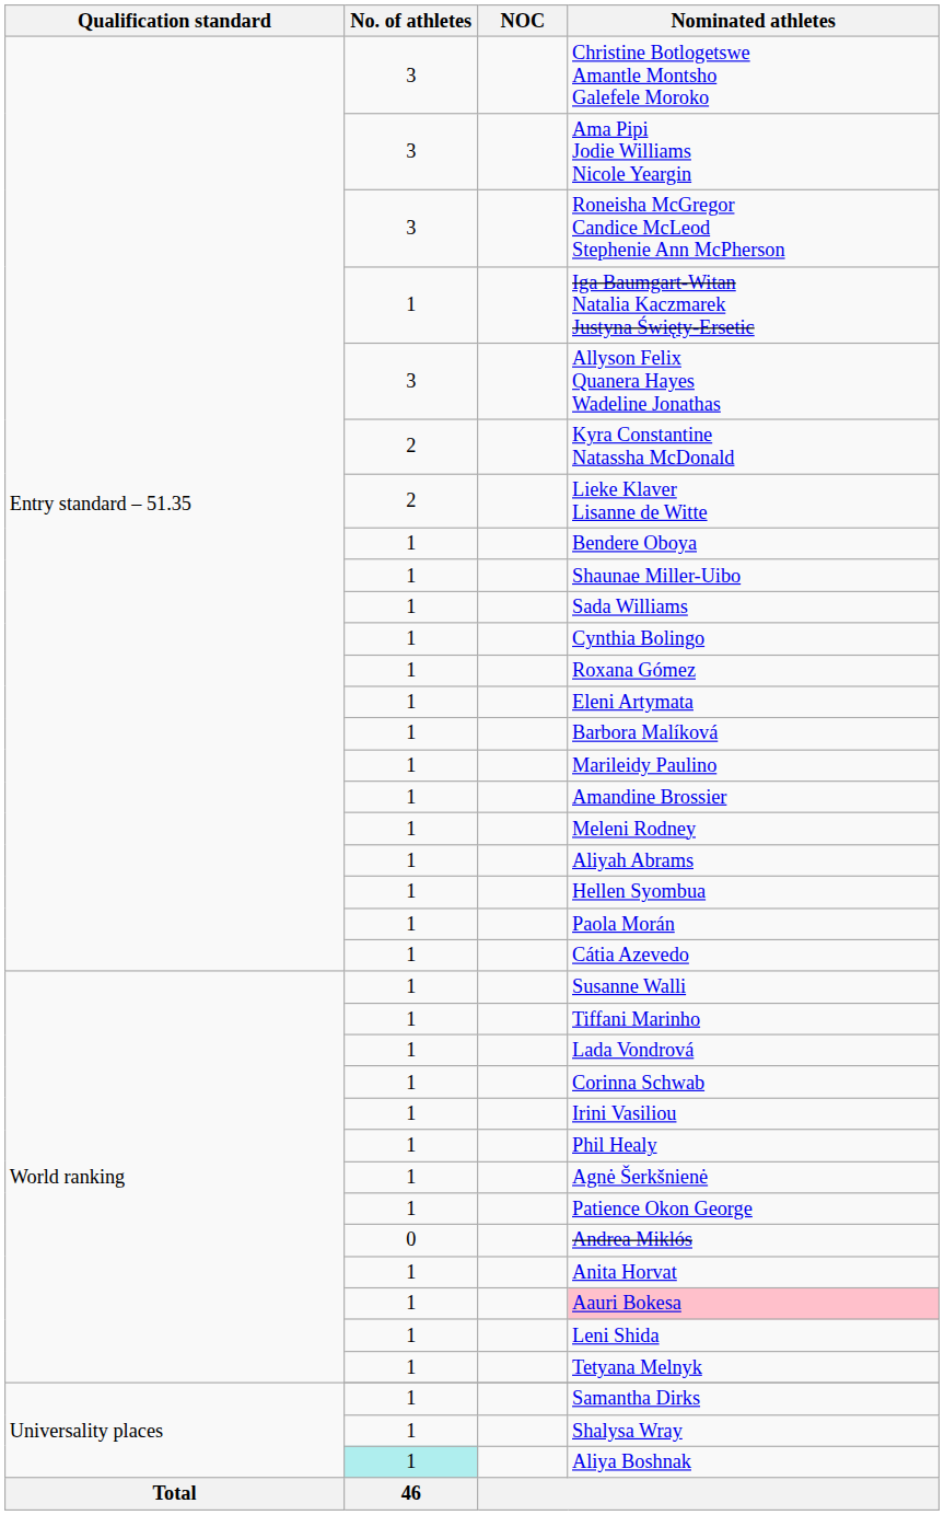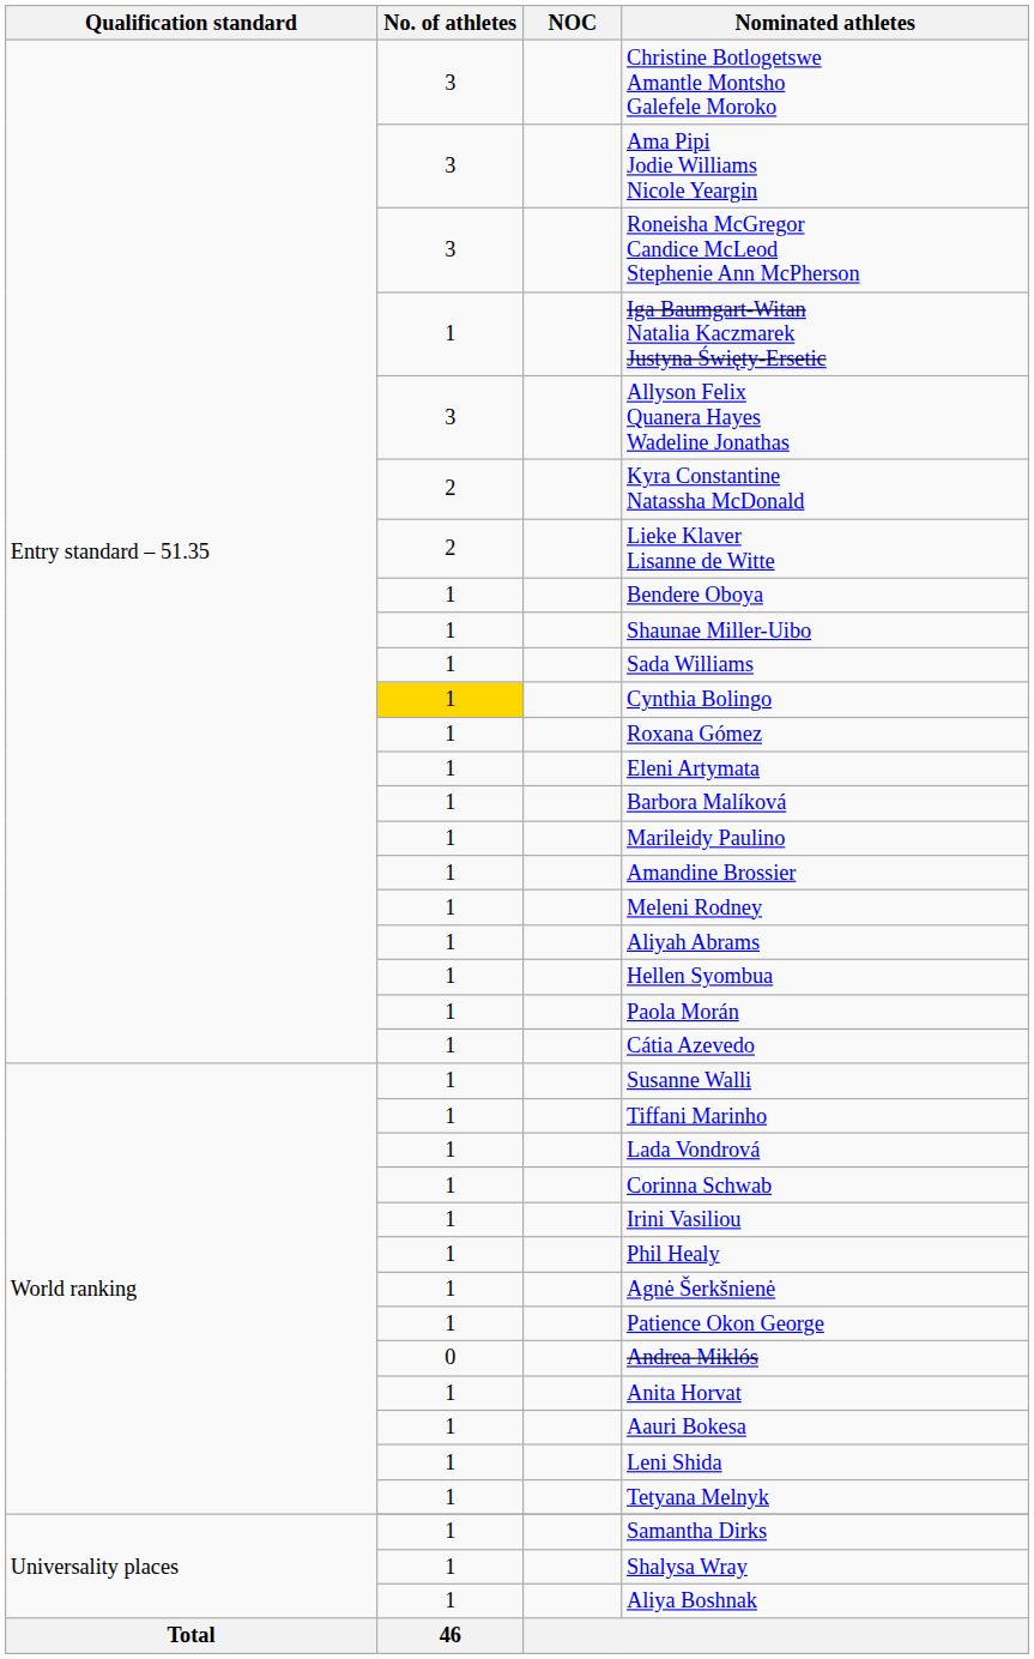 <table class="wikitable" style="text-align:left; width:750px;">
 <tr>
 <th>Qualification standard</th>
 <th width=100>No. of athletes</th>
 <th>NOC</th>
 <th>Nominated athletes</th>
 </tr>
 <tr>
 <td rowspan=21>Entry standard – 51.35</td>
 <td align=center>3</td>
 <td></td>
 <td><a href='#'>Christine Botlogetswe</a><br><a href='#'>Amantle Montsho</a><br><a href='#'>Galefele Moroko</a></td>
 </tr>
 <tr>
 <td align=center>3</td>
 <td></td>
 <td><a href='#'>Ama Pipi</a><br><a href='#'>Jodie Williams</a><br><a href='#'>Nicole Yeargin</a></td>
 </tr>
 <tr>
 <td align=center>3</td>
 <td></td>
 <td><a href='#'>Roneisha McGregor</a><br><a href='#'>Candice McLeod</a><br><a href='#'>Stephenie Ann McPherson</a></td>
 </tr>
 <tr>
 <td align=center>1</td>
 <td></td>
 <td><s><a href='#'>Iga Baumgart-Witan</a></s><br><a href='#'>Natalia Kaczmarek</a><br><s><a href='#'>Justyna Święty-Ersetic</a></s></td>
 </tr>
 <tr>
 <td align=center>3</td>
 <td></td>
 <td><a href='#'>Allyson Felix</a><br><a href='#'>Quanera Hayes</a><br><a href='#'>Wadeline Jonathas</a></td>
 </tr>
 <tr>
 <td align=center>2</td>
 <td></td>
 <td><a href='#'>Kyra Constantine</a><br><a href='#'>Natassha McDonald</a></td>
 </tr>
 <tr>
 <td align=center>2</td>
 <td></td>
 <td><a href='#'>Lieke Klaver</a><br><a href='#'>Lisanne de Witte</a></td>
 </tr>
 <tr>
 <td align=center>1</td>
 <td></td>
 <td><a href='#'>Bendere Oboya</a></td>
 </tr>
 <tr>
 <td align=center>1</td>
 <td></td>
 <td><a href='#'>Shaunae Miller-Uibo</a></td>
 </tr>
 <tr>
 <td align=center>1</td>
 <td></td>
 <td><a href='#'>Sada Williams</a></td>
 </tr>
 <tr>
-<td align=center>1</td>
+<td align=center style="background: gold;">1</td>
 <td></td>
 <td><a href='#'>Cynthia Bolingo</a></td>
 </tr>
 <tr>
 <td align=center>1</td>
 <td></td>
 <td><a href='#'>Roxana Gómez</a></td>
 </tr>
 <tr>
 <td align=center>1</td>
 <td></td>
 <td><a href='#'>Eleni Artymata</a></td>
 </tr>
 <tr>
 <td align=center>1</td>
 <td></td>
 <td><a href='#'>Barbora Malíková</a></td>
 </tr>
 <tr>
 <td align=center>1</td>
 <td></td>
 <td><a href='#'>Marileidy Paulino</a></td>
 </tr>
 <tr>
 <td align=center>1</td>
 <td></td>
 <td><a href='#'>Amandine Brossier</a></td>
 </tr>
 <tr>
 <td align=center>1</td>
 <td></td>
 <td><a href='#'>Meleni Rodney</a></td>
 </tr>
 <tr>
 <td align=center>1</td>
 <td></td>
 <td><a href='#'>Aliyah Abrams</a></td>
 </tr>
 <tr>
 <td align=center>1</td>
 <td></td>
 <td><a href='#'>Hellen Syombua</a></td>
 </tr>
 <tr>
 <td align=center>1</td>
 <td></td>
 <td><a href='#'>Paola Morán</a></td>
 </tr>
 <tr>
 <td align=center>1</td>
 <td></td>
 <td><a href='#'>Cátia Azevedo</a></td>
 </tr>
 <tr>
 <td rowspan=13>World ranking</td>
 <td align=center>1</td>
 <td></td>
 <td><a href='#'>Susanne Walli</a></td>
 </tr>
 <tr>
 <td align=center>1</td>
 <td></td>
 <td><a href='#'>Tiffani Marinho</a></td>
 </tr>
 <tr>
 <td align=center>1</td>
 <td></td>
 <td><a href='#'>Lada Vondrová</a></td>
 </tr>
 <tr>
 <td align=center>1</td>
 <td></td>
 <td><a href='#'>Corinna Schwab</a></td>
 </tr>
 <tr>
 <td align=center>1</td>
 <td></td>
 <td><a href='#'>Irini Vasiliou</a></td>
 </tr>
 <tr>
 <td align=center>1</td>
 <td></td>
 <td><a href='#'>Phil Healy</a></td>
 </tr>
 <tr>
 <td align=center>1</td>
 <td></td>
 <td><a href='#'>Agnė Šerkšnienė</a></td>
 </tr>
 <tr>
 <td align=center>1</td>
 <td></td>
 <td><a href='#'>Patience Okon George</a></td>
 </tr>
 <tr>
 <td align=center>0</td>
 <td></td>
 <td><s><a href='#'>Andrea Miklós</a></s></td>
 </tr>
 <tr>
 <td align=center>1</td>
 <td></td>
 <td><a href='#'>Anita Horvat</a></td>
 </tr>
 <tr>
 <td align=center>1</td>
 <td></td>
-<td style="background: pink;"><a href='#'>Aauri Bokesa</a></td>
+<td><a href='#'>Aauri Bokesa</a></td>
 </tr>
 <tr>
 <td align=center>1</td>
 <td></td>
 <td><a href='#'>Leni Shida</a></td>
 </tr>
 <tr>
 <td align=center>1</td>
 <td></td>
 <td><a href='#'>Tetyana Melnyk</a></td>
 </tr>
 <tr>
 <td rowspan=4>Universality places</td>
 </tr>
 <tr>
 <td align=center>1</td>
 <td></td>
 <td><a href='#'>Samantha Dirks</a></td>
 </tr>
 <tr>
 <td align=center>1</td>
 <td></td>
 <td><a href='#'>Shalysa Wray</a></td>
 </tr>
 <tr>
-<td align=center style="background: paleturquoise;">1</td>
+<td align=center>1</td>
 <td></td>
 <td><a href='#'>Aliya Boshnak</a></td>
 </tr>
 <tr>
 <th>Total</th>
 <th>46</th>
 <th colspan=2></th>
 </tr>
 </table>
